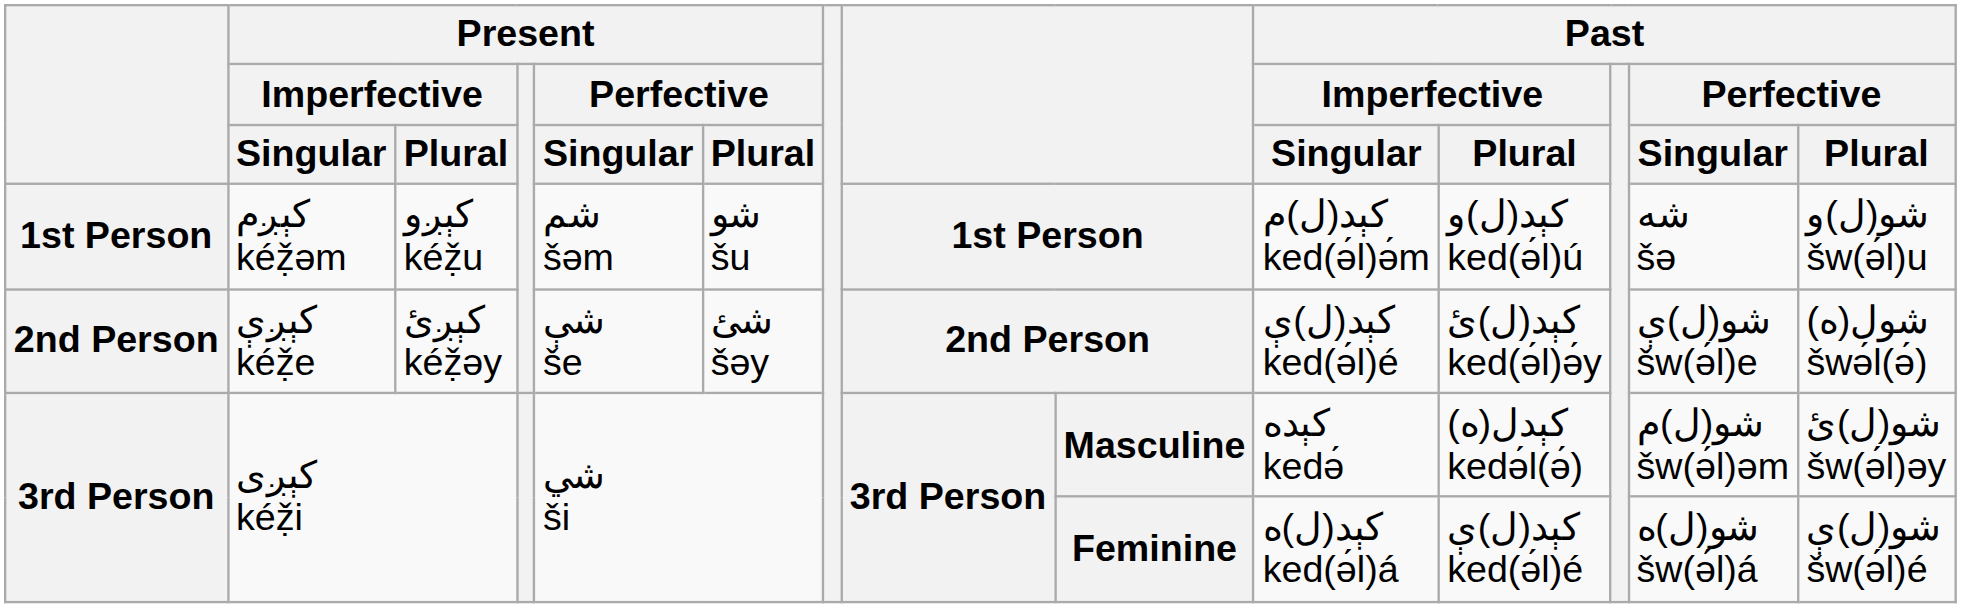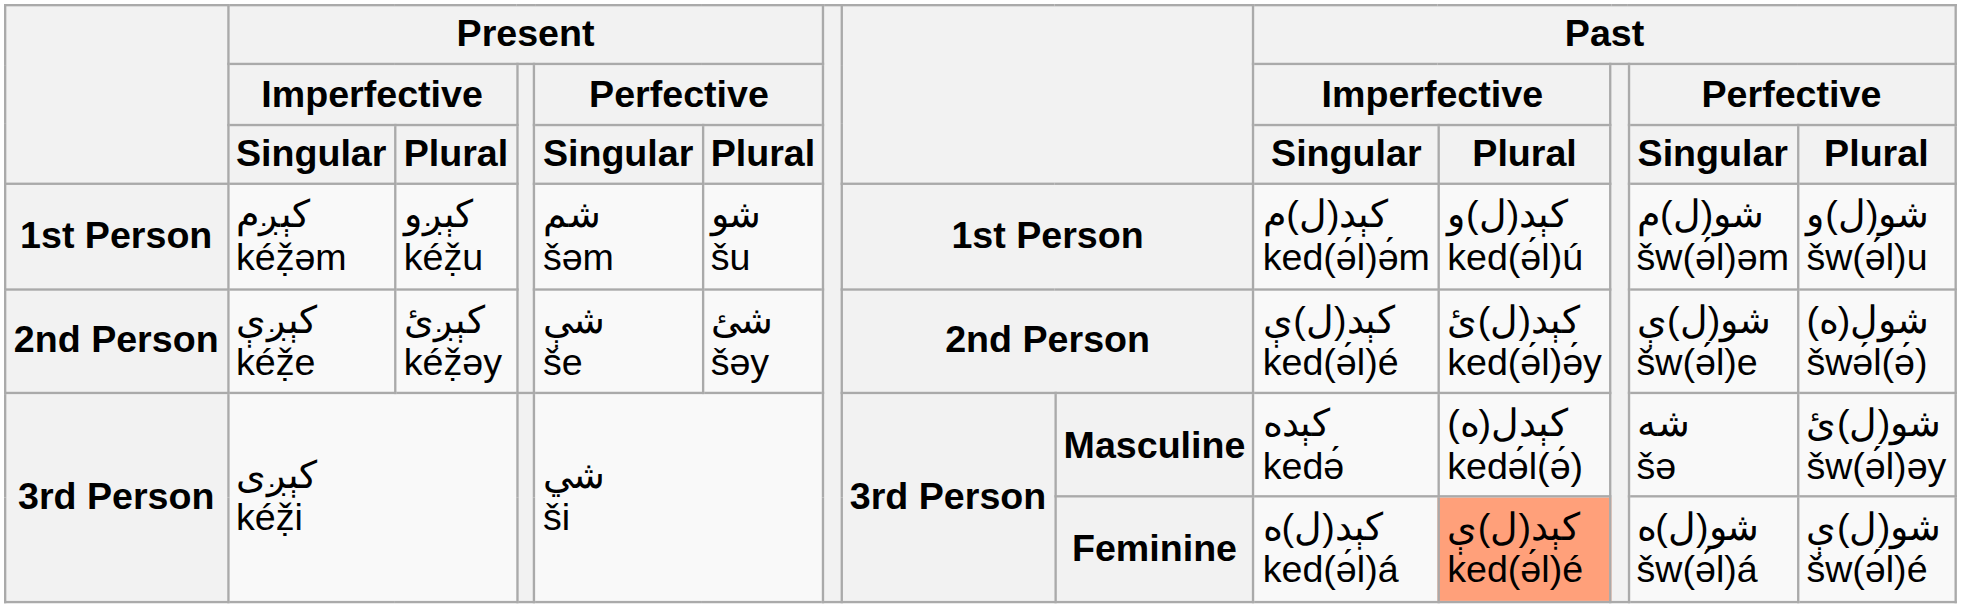 <table class="wikitable">
 <tr>
 <th rowspan="3"></th>
 <th colspan="5">Present</th>
 <th rowspan="7"></th>
 <th colspan="2" rowspan="3"></th>
 <th colspan="5">Past</th>
 </tr>
 <tr>
 <th colspan="2">Imperfective</th>
 <th rowspan="4"></th>
 <th colspan="2">Perfective</th>
 <th colspan="2">Imperfective</th>
 <th rowspan="6"></th>
 <th colspan="2">Perfective</th>
 </tr>
 <tr>
 <th>Singular</th>
 <th>Plural</th>
 <th>Singular</th>
 <th>Plural</th>
 <th>Singular</th>
 <th>Plural</th>
 <th>Singular</th>
 <th>Plural</th>
 </tr>
 <tr>
 <th>1st Person</th>
 <td>کېږم<br>kéẓ̌əm</td>
 <td>کېږو<br>kéẓ̌u</td>
 <td>شم<br>šəm</td>
 <td>شو<br>šu</td>
 <th colspan="2">1st Person</th>
 <td>کېد(ل)م<br>ked(ə́l)ə́m</td>
 <td>کېد(ل)و<br>ked(ə́l)ú</td>
-<td>شه<br>šə</td>
+<td>شو(ل)م<br>šw(ə́l)əm</td>
 <td>شو(ل)و<br>šw(ə́l)u</td>
 </tr>
 <tr>
 <th>2nd Person</th>
 <td>کېږې<br>kéẓ̌e</td>
 <td>کېږئ<br>kéẓ̌əy</td>
 <td>شې<br>še</td>
 <td>شئ<br>šəy</td>
 <th colspan="2">2nd Person</th>
 <td>کېد(ل)ې<br>ked(ə́l)é</td>
 <td>کېد(ل)ئ<br>ked(ə́l)ə́y</td>
 <td>شو(ل)ې<br>šw(ə́l)e</td>
 <td>شول(ه)<br>šwə́l(ə́)</td>
 </tr>
 <tr>
 <th rowspan="2">3rd Person</th>
 <td colspan="2" rowspan="2">کېږی<br>kéẓ̌i</td>
 <th rowspan="2"></th>
 <td colspan="2" rowspan="2">شي<br>ši</td>
 <th rowspan="2">3rd Person</th>
 <th>Masculine</th>
 <td>کېده<br>kedə́</td>
 <td>کېدل(ه)<br>kedə́l(ə́)</td>
-<td>شو(ل)م<br>šw(ə́l)əm</td>
+<td>شه<br>šə</td>
 <td>شو(ل)ئ<br>šw(ə́l)əy</td>
 </tr>
 <tr>
 <th>Feminine</th>
 <td>کېد(ل)ه<br>ked(ə́l)á</td>
-<td>کېد(ل)ې<br>ked(ə́l)é</td>
+<td style="background: lightsalmon;">کېد(ل)ې<br>ked(ə́l)é</td>
 <td>شو(ل)ه<br>šw(ə́l)á</td>
 <td>شو(ل)ې<br>šw(ə́l)é</td>
 </tr>
 </table>
